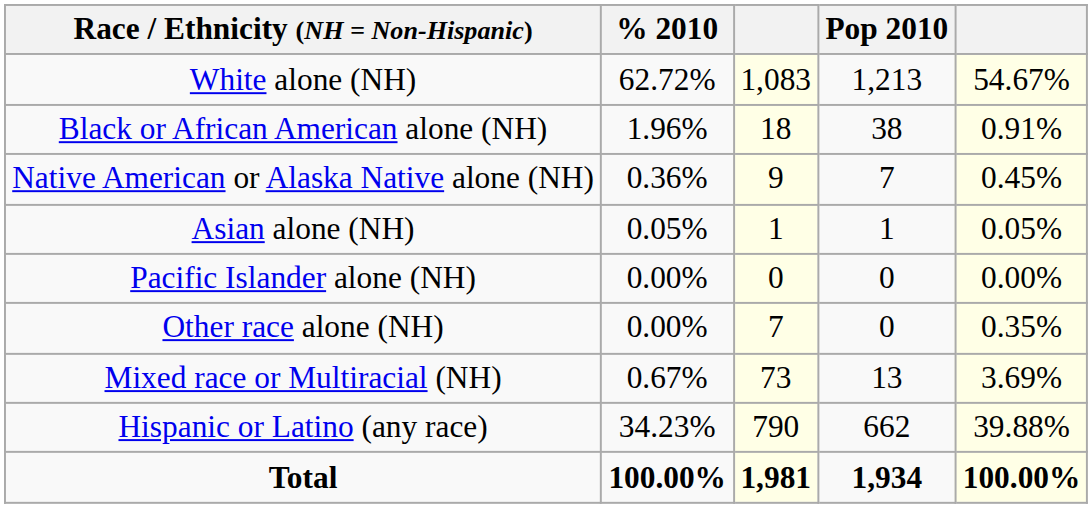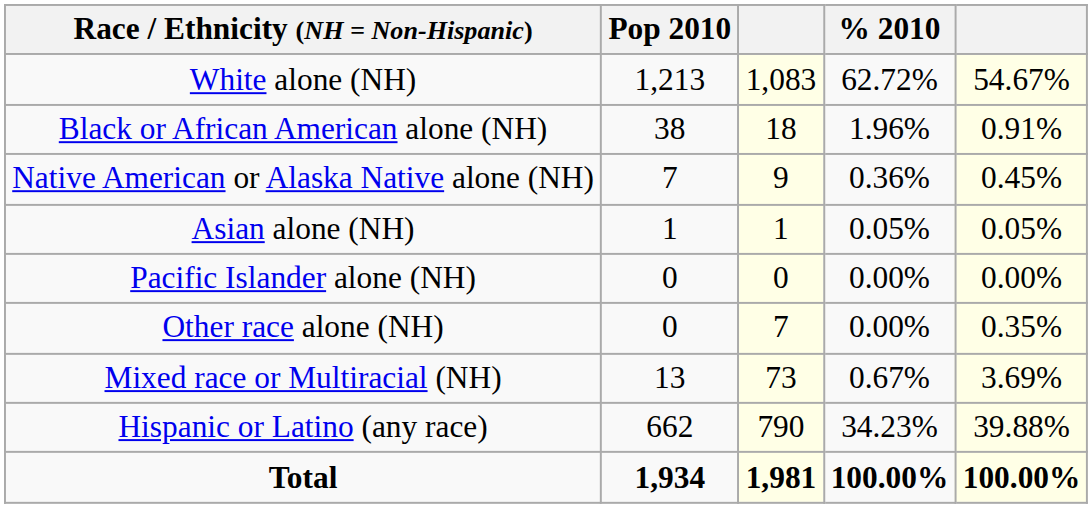 <table class="wikitable" style="text-align:center;">
 <tr>
 <th>Race / Ethnicity <small>(<em>NH = Non-Hispanic</em>)</small></th>
+<th>Pop 2010</th>
+<th></th>
 <th>% 2010</th>
-<th></th>
-<th>Pop 2010</th>
 <th></th>
 </tr>
 <tr>
 <td><a href='#'>White</a> alone (NH)</td>
+<td>1,213</td>
+<td style='background: #ffffe6;'>1,083</td>
 <td>62.72%</td>
-<td style='background: #ffffe6;'>1,083</td>
-<td>1,213</td>
 <td style='background: #ffffe6;'>54.67%</td>
 </tr>
 <tr>
 <td><a href='#'>Black or African American</a> alone (NH)</td>
+<td>38</td>
+<td style='background: #ffffe6;'>18</td>
 <td>1.96%</td>
-<td style='background: #ffffe6;'>18</td>
-<td>38</td>
 <td style='background: #ffffe6;'>0.91%</td>
 </tr>
 <tr>
 <td><a href='#'>Native American</a> or <a href='#'>Alaska Native</a> alone (NH)</td>
+<td>7</td>
+<td style='background: #ffffe6;'>9</td>
 <td>0.36%</td>
-<td style='background: #ffffe6;'>9</td>
-<td>7</td>
 <td style='background: #ffffe6;'>0.45%</td>
 </tr>
 <tr>
 <td><a href='#'>Asian</a> alone (NH)</td>
+<td>1</td>
+<td style='background: #ffffe6;'>1</td>
 <td>0.05%</td>
-<td style='background: #ffffe6;'>1</td>
-<td>1</td>
 <td style='background: #ffffe6;'>0.05%</td>
 </tr>
 <tr>
 <td><a href='#'>Pacific Islander</a> alone (NH)</td>
+<td>0</td>
+<td style='background: #ffffe6;'>0</td>
 <td>0.00%</td>
-<td style='background: #ffffe6;'>0</td>
-<td>0</td>
 <td style='background: #ffffe6;'>0.00%</td>
 </tr>
 <tr>
 <td><a href='#'>Other race</a> alone (NH)</td>
+<td>0</td>
+<td style='background: #ffffe6;'>7</td>
 <td>0.00%</td>
-<td style='background: #ffffe6;'>7</td>
-<td>0</td>
 <td style='background: #ffffe6;'>0.35%</td>
 </tr>
 <tr>
 <td><a href='#'>Mixed race or Multiracial</a> (NH)</td>
+<td>13</td>
+<td style='background: #ffffe6;'>73</td>
 <td>0.67%</td>
-<td style='background: #ffffe6;'>73</td>
-<td>13</td>
 <td style='background: #ffffe6;'>3.69%</td>
 </tr>
 <tr>
 <td><a href='#'>Hispanic or Latino</a> (any race)</td>
+<td>662</td>
+<td style='background: #ffffe6;'>790</td>
 <td>34.23%</td>
-<td style='background: #ffffe6;'>790</td>
-<td>662</td>
 <td style='background: #ffffe6;'>39.88%</td>
 </tr>
 <tr>
 <td><strong>Total</strong></td>
+<td><strong>1,934</strong></td>
+<td style='background: #ffffe6;'><strong>1,981</strong></td>
 <td><strong>100.00%</strong></td>
-<td style='background: #ffffe6;'><strong>1,981</strong></td>
-<td><strong>1,934</strong></td>
 <td style='background: #ffffe6;'><strong>100.00%</strong></td>
 </tr>
 </table>
